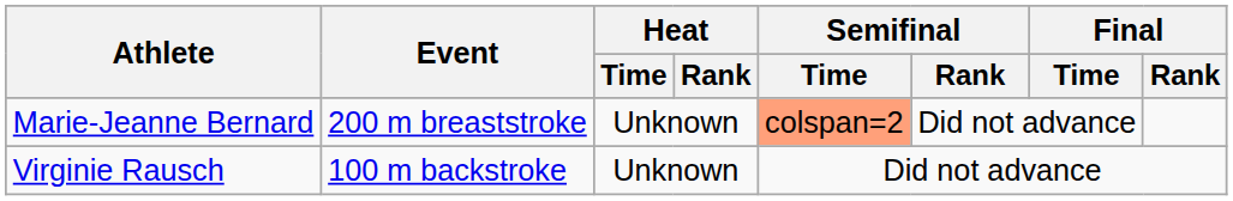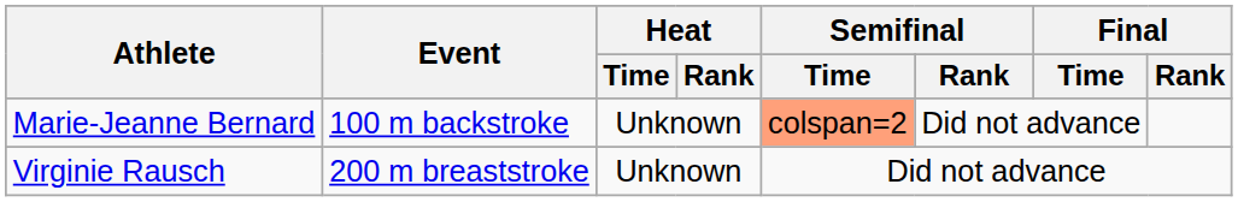 <table class=wikitable style="font-size:90%;">
 <tr>
 <th rowspan=2>Athlete</th>
 <th rowspan=2>Event</th>
 <th colspan=2>Heat</th>
 <th colspan=2>Semifinal</th>
 <th colspan=2>Final</th>
 </tr>
 <tr style="font-size:95%">
 <th>Time</th>
 <th>Rank</th>
 <th>Time</th>
 <th>Rank</th>
 <th>Time</th>
 <th>Rank</th>
 </tr>
 <tr align=center>
 <td align=left><a href='#'>Marie-Jeanne Bernard</a></td>
-<td align=left><a href='#'>200 m breaststroke</a></td>
+<td align=left><a href='#'>100 m backstroke</a></td>
 <td colspan=2>Unknown</td>
 <td style="background: lightsalmon;">colspan=2 </td>
 <td colspan=2>Did not advance</td>
 </tr>
 <tr align=center>
 <td align=left><a href='#'>Virginie Rausch</a></td>
-<td align=left><a href='#'>100 m backstroke</a></td>
+<td align=left><a href='#'>200 m breaststroke</a></td>
 <td colspan=2>Unknown</td>
 <td colspan=4>Did not advance</td>
 </tr>
 </table>
